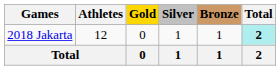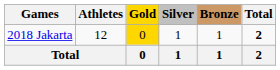 <table class="wikitable" style="text-align:center;">
 <tr>
 <th>Games</th>
 <th>Athletes</th>
 <td style="background:gold; font-weight:bold;">Gold</td>
 <td style="background:silver; font-weight:bold;">Silver</td>
 <td style="background:#cc9966; font-weight:bold;">Bronze</td>
 <th style="font-weight:bold;">Total</th>
 </tr>
 <tr>
 <td align=left> <a href='#'>2018 Jakarta</a></td>
 <td>12</td>
-<td>0</td>
+<td style="background: gold;">0</td>
 <td>1</td>
 <td>1</td>
-<td style="background: paleturquoise;"><strong>2</strong></td>
+<td><strong>2</strong></td>
 </tr>
 <tr>
 <th colspan=2>Total</th>
 <th>0</th>
 <th>1</th>
 <th>1</th>
 <th>2</th>
 </tr>
 </table>
